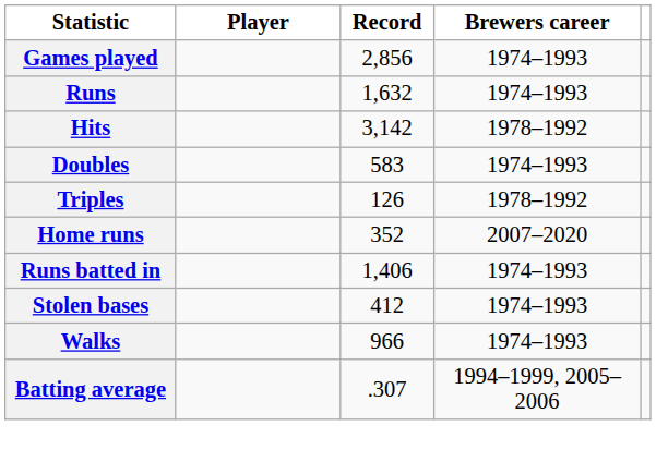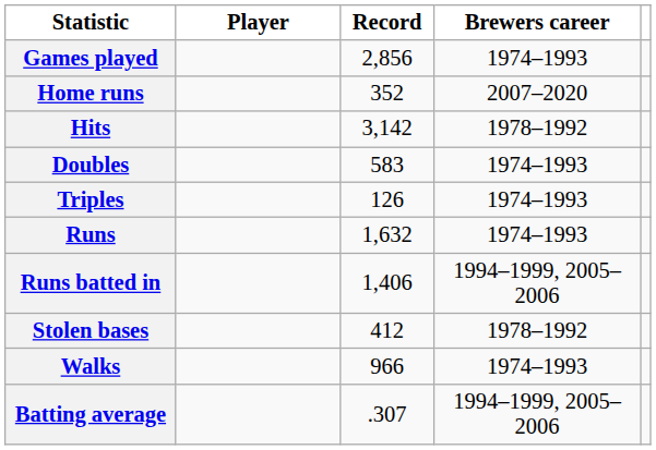 <table class="sortable wikitable plainrowheaders" style="text-align:center">
 <tr>
 <th width="115" scope="col" style="background-color:#ffffff; border-top:#">Statistic</th>
 <th width="110px" scope="col" style="background-color:#ffffff; border-top:#">Player</th>
 <th width="60px" class="unsortable" scope="col" style="background-color:#ffffff; border-top:#">Record</th>
 <th width="140px" scope="col" style="background-color:#ffffff; border-top:#">Brewers career</th>
 <th class="unsortable" scope="col" style="background-color:#ffffff; border-top:#"></th>
 </tr>
 <tr>
 <th scope="row" style="text-align:center"><a href='#'>Games played</a></th>
 <td></td>
 <td>2,856</td>
 <td>1974–1993</td>
 <td></td>
 </tr>
 <tr>
-<th scope="row" style="text-align:center"><a href='#'>Runs</a></th>
+<th scope="row" style="text-align:center"><a href='#'>Home runs</a></th>
 <td></td>
-<td>1,632</td>
-<td>1974–1993</td>
+<td>352</td>
+<td>2007–2020</td>
 <td></td>
 </tr>
 <tr>
 <th scope="row" style="text-align:center"><a href='#'>Hits</a></th>
 <td></td>
 <td>3,142</td>
 <td>1978–1992</td>
 <td></td>
 </tr>
 <tr>
 <th scope="row" style="text-align:center"><a href='#'>Doubles</a></th>
 <td></td>
 <td>583</td>
 <td>1974–1993</td>
 <td></td>
 </tr>
 <tr>
 <th scope="row" style="text-align:center"><a href='#'>Triples</a></th>
 <td></td>
 <td>126</td>
-<td>1978–1992</td>
+<td>1974–1993</td>
 <td></td>
 </tr>
 <tr>
-<th scope="row" style="text-align:center"><a href='#'>Home runs</a></th>
+<th scope="row" style="text-align:center"><a href='#'>Runs</a></th>
 <td></td>
-<td>352</td>
-<td>2007–2020</td>
+<td>1,632</td>
+<td>1974–1993</td>
 <td></td>
 </tr>
 <tr>
 <th scope="row" style="text-align:center"><a href='#'>Runs batted in</a></th>
 <td></td>
 <td>1,406</td>
-<td>1974–1993</td>
+<td>1994–1999, 2005–2006</td>
 <td></td>
 </tr>
 <tr>
 <th scope="row" style="text-align:center"><a href='#'>Stolen bases</a></th>
 <td></td>
 <td>412</td>
-<td>1974–1993</td>
+<td>1978–1992</td>
 <td></td>
 </tr>
 <tr>
 <th scope="row" style="text-align:center"><a href='#'>Walks</a></th>
 <td></td>
 <td>966</td>
 <td>1974–1993</td>
 <td></td>
 </tr>
 <tr>
 <th scope="row" style="text-align:center"><a href='#'>Batting average</a></th>
 <td></td>
 <td>.307</td>
 <td>1994–1999, 2005–2006</td>
 <td></td>
 </tr>
 </table>
